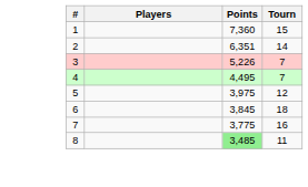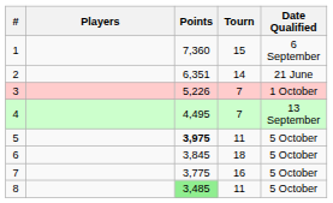 <table class="sortable wikitable" style="float:right;margin-left:1em;text-align:center;font-size:90%;text:justify;">
 <tr>
 <th width=20>#</th>
 <th width=190>Players</th>
 <th width=50>Points</th>
 <th width=50>Tourn</th>
+<th width=80>Date Qualified</th>
 </tr>
 <tr align=center>
 <td>1</td>
 <td align=left> <br> </td>
 <td>7,360</td>
 <td>15</td>
+<td>6 September</td>
 </tr>
 <tr>
 <td>2</td>
 <td align=left> <br> </td>
 <td>6,351</td>
 <td>14</td>
+<td>21 June</td>
 </tr>
 <tr style="background:#fcc;">
 <td>3</td>
 <td align=left> <br> </td>
 <td>5,226</td>
 <td>7</td>
+<td>1 October</td>
 </tr>
 <tr style="background:#cfc;">
 <td>4</td>
 <td align=left> <br> </td>
 <td>4,495</td>
 <td>7</td>
+<td>13 September</td>
 </tr>
 <tr>
 <td>5</td>
 <td align=left> <br> </td>
-<td>3,975</td>
-<td>12</td>
+<td><strong>3,975</strong></td>
+<td>11</td>
+<td>5 October</td>
 </tr>
 <tr>
 <td>6</td>
 <td align=left> <br> </td>
 <td>3,845</td>
 <td>18</td>
+<td>5 October</td>
 </tr>
 <tr>
 <td>7</td>
 <td align=left> <br> </td>
 <td>3,775</td>
 <td>16</td>
+<td>5 October</td>
 </tr>
 <tr>
 <td>8</td>
 <td align=left> <br> </td>
 <td style="background: lightgreen;">3,485</td>
 <td>11</td>
+<td>5 October</td>
 </tr>
 </table>
